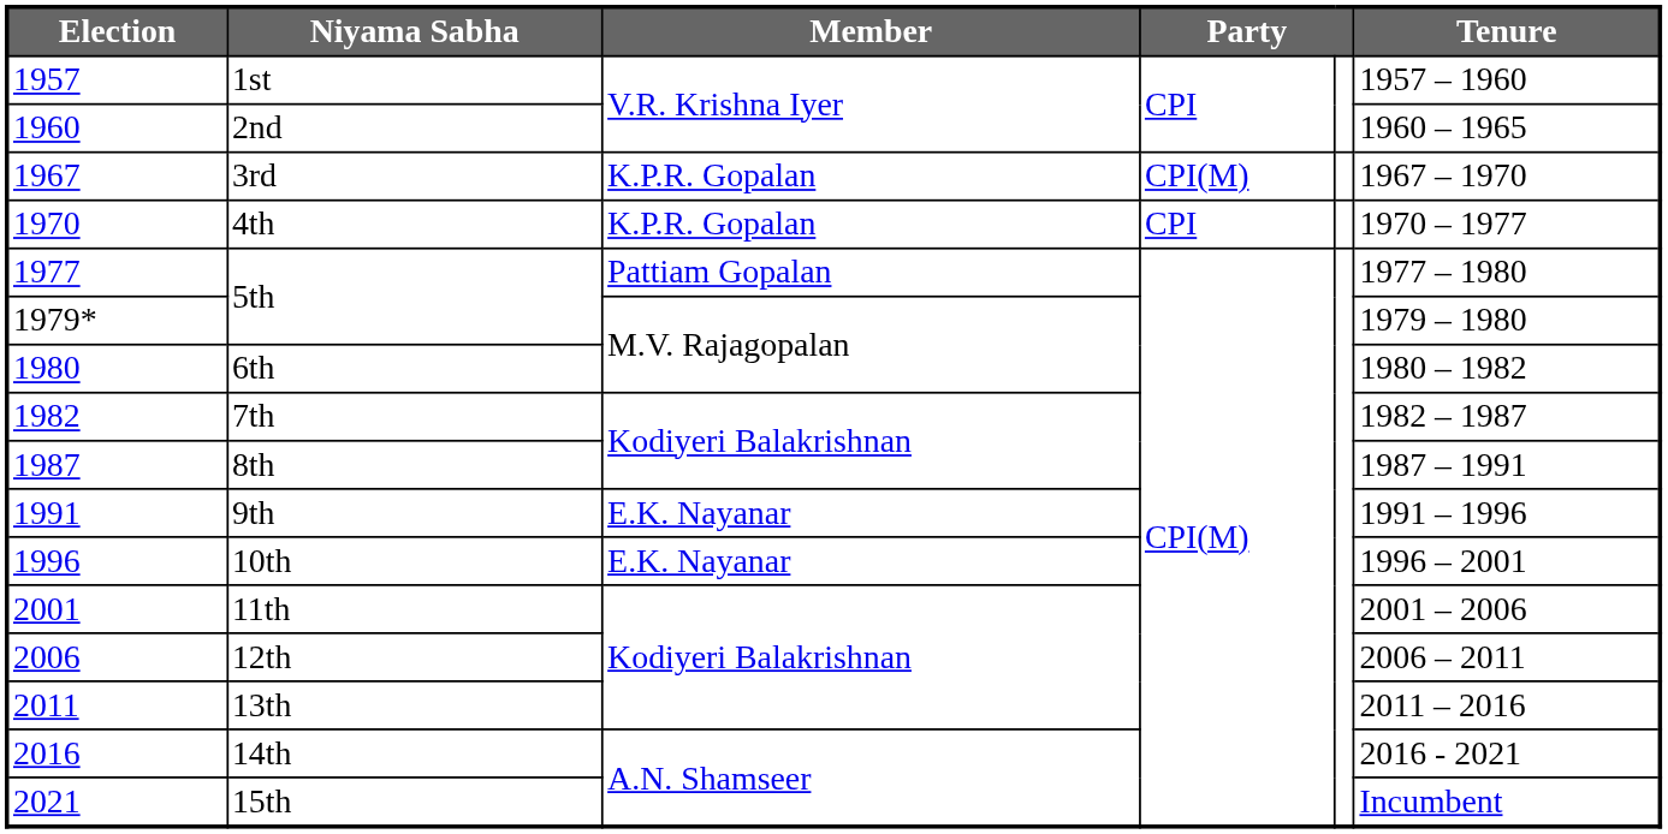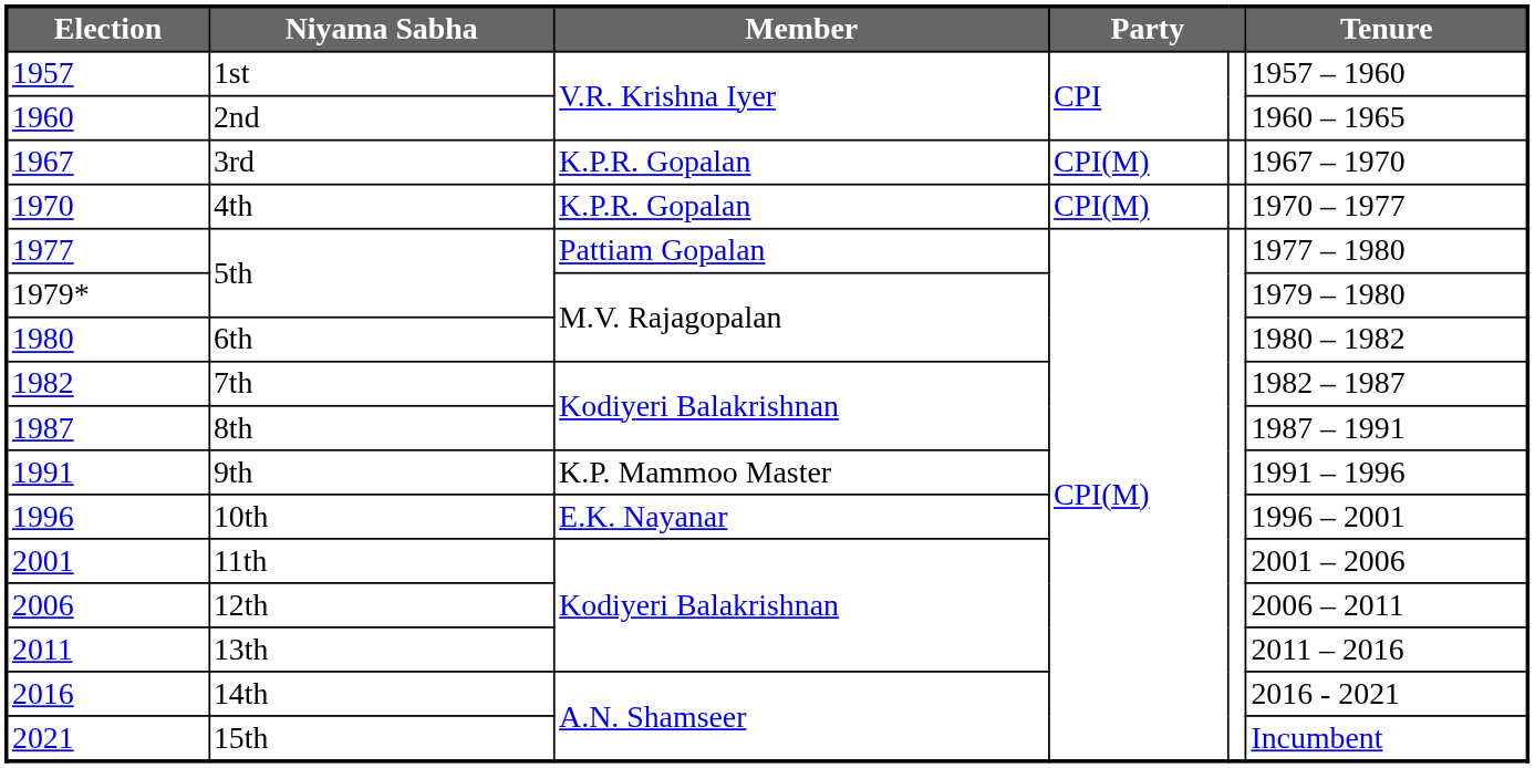 <table class="sortable" width="50%" cellpadding="2" cellspacing="0" border="1" style="border-collapse: collapse; border: 2px #000000 solid; font-size: x-big;">
 <tr>
 <th style="background-color:#666666; color:white">Election</th>
 <th style="background-color:#666666; color:white">Niyama Sabha</th>
 <th style="background-color:#666666; color:white">Member</th>
 <th style="background-color:#666666; color:white" colspan="2">Party</th>
 <th style="background-color:#666666; color:white">Tenure</th>
 </tr>
 <tr>
 <td><a href='#'>1957</a></td>
 <td>1st</td>
 <td rowspan="2"><a href='#'>V.R. Krishna Iyer</a></td>
 <td rowspan="2"><a href='#'>CPI</a></td>
 <td rowspan="2" width="4px" style="background-color: "></td>
 <td>1957 – 1960</td>
 </tr>
 <tr>
 <td><a href='#'>1960</a></td>
 <td>2nd</td>
 <td>1960 – 1965</td>
 </tr>
 <tr>
 <td><a href='#'>1967</a></td>
 <td>3rd</td>
 <td><a href='#'>K.P.R. Gopalan</a></td>
 <td><a href='#'>CPI(M)</a></td>
 <td width="4px" style="background-color: "></td>
 <td>1967 – 1970</td>
 </tr>
 <tr>
 <td><a href='#'>1970</a></td>
 <td>4th</td>
 <td><a href='#'>K.P.R. Gopalan</a></td>
-<td><a href='#'>CPI</a></td>
+<td><a href='#'>CPI(M)</a></td>
 <td width="4px" style="background-color: "></td>
 <td>1970 – 1977</td>
 </tr>
 <tr>
 <td><a href='#'>1977</a></td>
 <td rowspan="2">5th</td>
 <td><a href='#'>Pattiam Gopalan</a></td>
 <td rowspan="12"><a href='#'>CPI(M)</a></td>
 <td rowspan="12" width="4px" style="background-color: "></td>
 <td>1977 – 1980</td>
 </tr>
 <tr>
 <td>1979*</td>
 <td rowspan="2">M.V. Rajagopalan</td>
 <td>1979 – 1980</td>
 </tr>
 <tr>
 <td><a href='#'>1980</a></td>
 <td>6th</td>
 <td>1980 – 1982</td>
 </tr>
 <tr>
 <td><a href='#'>1982</a></td>
 <td>7th</td>
 <td rowspan="2"><a href='#'>Kodiyeri Balakrishnan</a></td>
 <td>1982 – 1987</td>
 </tr>
 <tr>
 <td><a href='#'>1987</a></td>
 <td>8th</td>
 <td>1987 – 1991</td>
 </tr>
 <tr>
 <td><a href='#'>1991</a></td>
 <td>9th</td>
-<td><a href='#'>E.K. Nayanar</a></td>
+<td>K.P. Mammoo Master</td>
 <td>1991 – 1996</td>
 </tr>
 <tr>
 <td><a href='#'>1996</a></td>
 <td>10th</td>
 <td><a href='#'>E.K. Nayanar</a></td>
 <td>1996 – 2001</td>
 </tr>
 <tr>
 <td><a href='#'>2001</a></td>
 <td>11th</td>
 <td rowspan="3"><a href='#'>Kodiyeri Balakrishnan</a></td>
 <td>2001 – 2006</td>
 </tr>
 <tr>
 <td><a href='#'>2006</a></td>
 <td>12th</td>
 <td>2006 – 2011</td>
 </tr>
 <tr>
 <td><a href='#'>2011</a></td>
 <td>13th</td>
 <td>2011 – 2016</td>
 </tr>
 <tr>
 <td><a href='#'>2016</a></td>
 <td>14th</td>
 <td rowspan="2"><a href='#'>A.N. Shamseer</a></td>
 <td>2016 - 2021</td>
 </tr>
 <tr>
 <td><a href='#'>2021</a></td>
 <td>15th</td>
 <td><a href='#'>Incumbent</a></td>
 </tr>
 </table>
